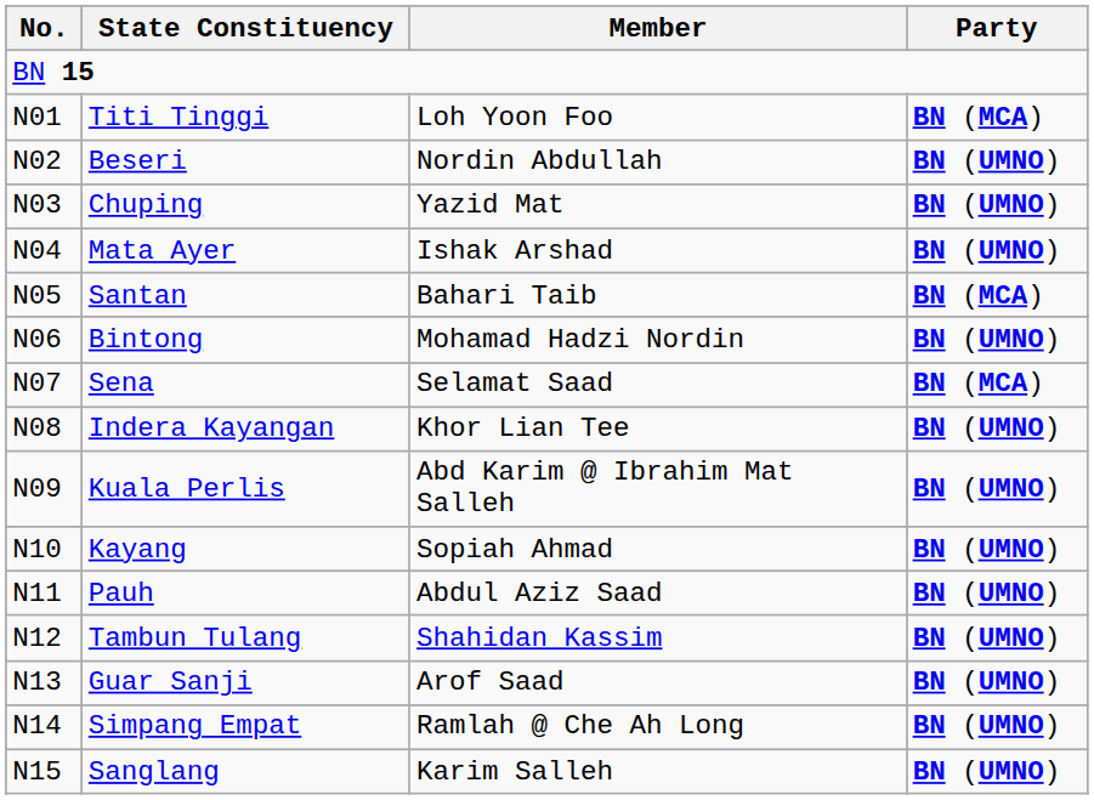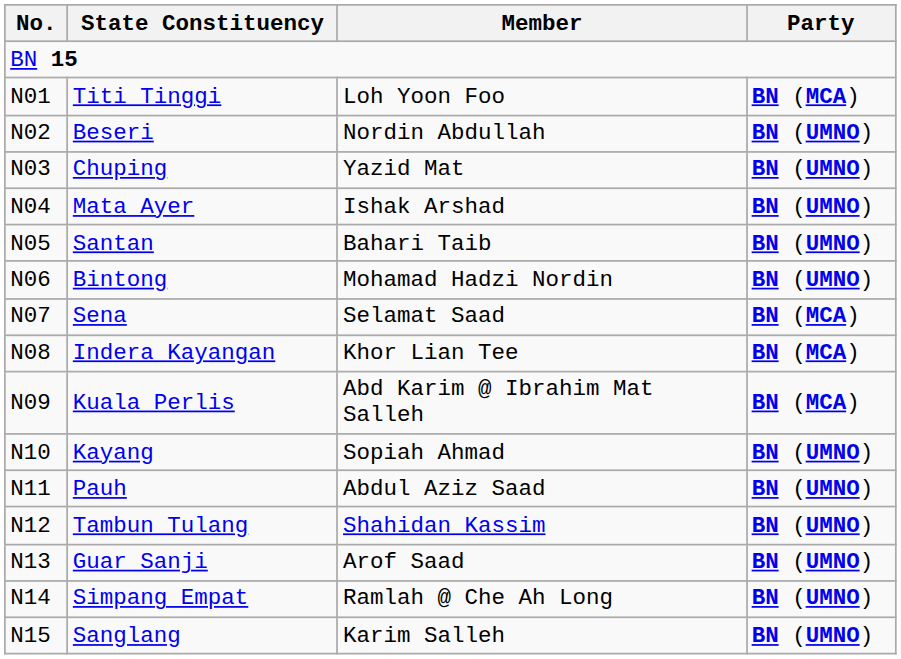 <table class="wikitable sortable">
 <tr>
 <th style="width:30px;">No.</th>
 <th style="width:150px;">State Constituency</th>
 <th style="width:230px;">Member</th>
 <th style="width:80px;">Party</th>
 </tr>
 <tr>
 <td colspan="4"><a href='#'>BN</a> <strong>15</strong></td>
 </tr>
 <tr>
 <td>N01</td>
 <td><a href='#'>Titi Tinggi</a></td>
 <td>Loh Yoon Foo</td>
 <td><strong><a href='#'>BN</a></strong> (<strong><a href='#'>MCA</a></strong>)</td>
 </tr>
 <tr>
 <td>N02</td>
 <td><a href='#'>Beseri</a></td>
 <td>Nordin Abdullah</td>
 <td><strong><a href='#'>BN</a></strong> (<strong><a href='#'>UMNO</a></strong>)</td>
 </tr>
 <tr>
 <td>N03</td>
 <td><a href='#'>Chuping</a></td>
 <td>Yazid Mat</td>
 <td><strong><a href='#'>BN</a></strong> (<strong><a href='#'>UMNO</a></strong>)</td>
 </tr>
 <tr>
 <td>N04</td>
 <td><a href='#'>Mata Ayer</a></td>
 <td>Ishak Arshad</td>
 <td><strong><a href='#'>BN</a></strong> (<strong><a href='#'>UMNO</a></strong>)</td>
 </tr>
 <tr>
 <td>N05</td>
 <td><a href='#'>Santan</a></td>
 <td>Bahari Taib</td>
-<td><strong><a href='#'>BN</a></strong> (<strong><a href='#'>MCA</a></strong>)</td>
+<td><strong><a href='#'>BN</a></strong> (<strong><a href='#'>UMNO</a></strong>)</td>
 </tr>
 <tr>
 <td>N06</td>
 <td><a href='#'>Bintong</a></td>
 <td>Mohamad Hadzi Nordin</td>
 <td><strong><a href='#'>BN</a></strong> (<strong><a href='#'>UMNO</a></strong>)</td>
 </tr>
 <tr>
 <td>N07</td>
 <td><a href='#'>Sena</a></td>
 <td>Selamat Saad</td>
 <td><strong><a href='#'>BN</a></strong> (<strong><a href='#'>MCA</a></strong>)</td>
 </tr>
 <tr>
 <td>N08</td>
 <td><a href='#'>Indera Kayangan</a></td>
 <td>Khor Lian Tee</td>
-<td><strong><a href='#'>BN</a></strong> (<strong><a href='#'>UMNO</a></strong>)</td>
+<td><strong><a href='#'>BN</a></strong> (<strong><a href='#'>MCA</a></strong>)</td>
 </tr>
 <tr>
 <td>N09</td>
 <td><a href='#'>Kuala Perlis</a></td>
 <td>Abd Karim @ Ibrahim Mat Salleh</td>
-<td><strong><a href='#'>BN</a></strong> (<strong><a href='#'>UMNO</a></strong>)</td>
+<td><strong><a href='#'>BN</a></strong> (<strong><a href='#'>MCA</a></strong>)</td>
 </tr>
 <tr>
 <td>N10</td>
 <td><a href='#'>Kayang</a></td>
 <td>Sopiah Ahmad</td>
 <td><strong><a href='#'>BN</a></strong> (<strong><a href='#'>UMNO</a></strong>)</td>
 </tr>
 <tr>
 <td>N11</td>
 <td><a href='#'>Pauh</a></td>
 <td>Abdul Aziz Saad</td>
 <td><strong><a href='#'>BN</a></strong> (<strong><a href='#'>UMNO</a></strong>)</td>
 </tr>
 <tr>
 <td>N12</td>
 <td><a href='#'>Tambun Tulang</a></td>
 <td><a href='#'>Shahidan Kassim</a></td>
 <td><strong><a href='#'>BN</a></strong> (<strong><a href='#'>UMNO</a></strong>)</td>
 </tr>
 <tr>
 <td>N13</td>
 <td><a href='#'>Guar Sanji</a></td>
 <td>Arof Saad</td>
 <td><strong><a href='#'>BN</a></strong> (<strong><a href='#'>UMNO</a></strong>)</td>
 </tr>
 <tr>
 <td>N14</td>
 <td><a href='#'>Simpang Empat</a></td>
 <td>Ramlah @ Che Ah Long</td>
 <td><strong><a href='#'>BN</a></strong> (<strong><a href='#'>UMNO</a></strong>)</td>
 </tr>
 <tr>
 <td>N15</td>
 <td><a href='#'>Sanglang</a></td>
 <td>Karim Salleh</td>
 <td><strong><a href='#'>BN</a></strong> (<strong><a href='#'>UMNO</a></strong>)</td>
 </tr>
 </table>
